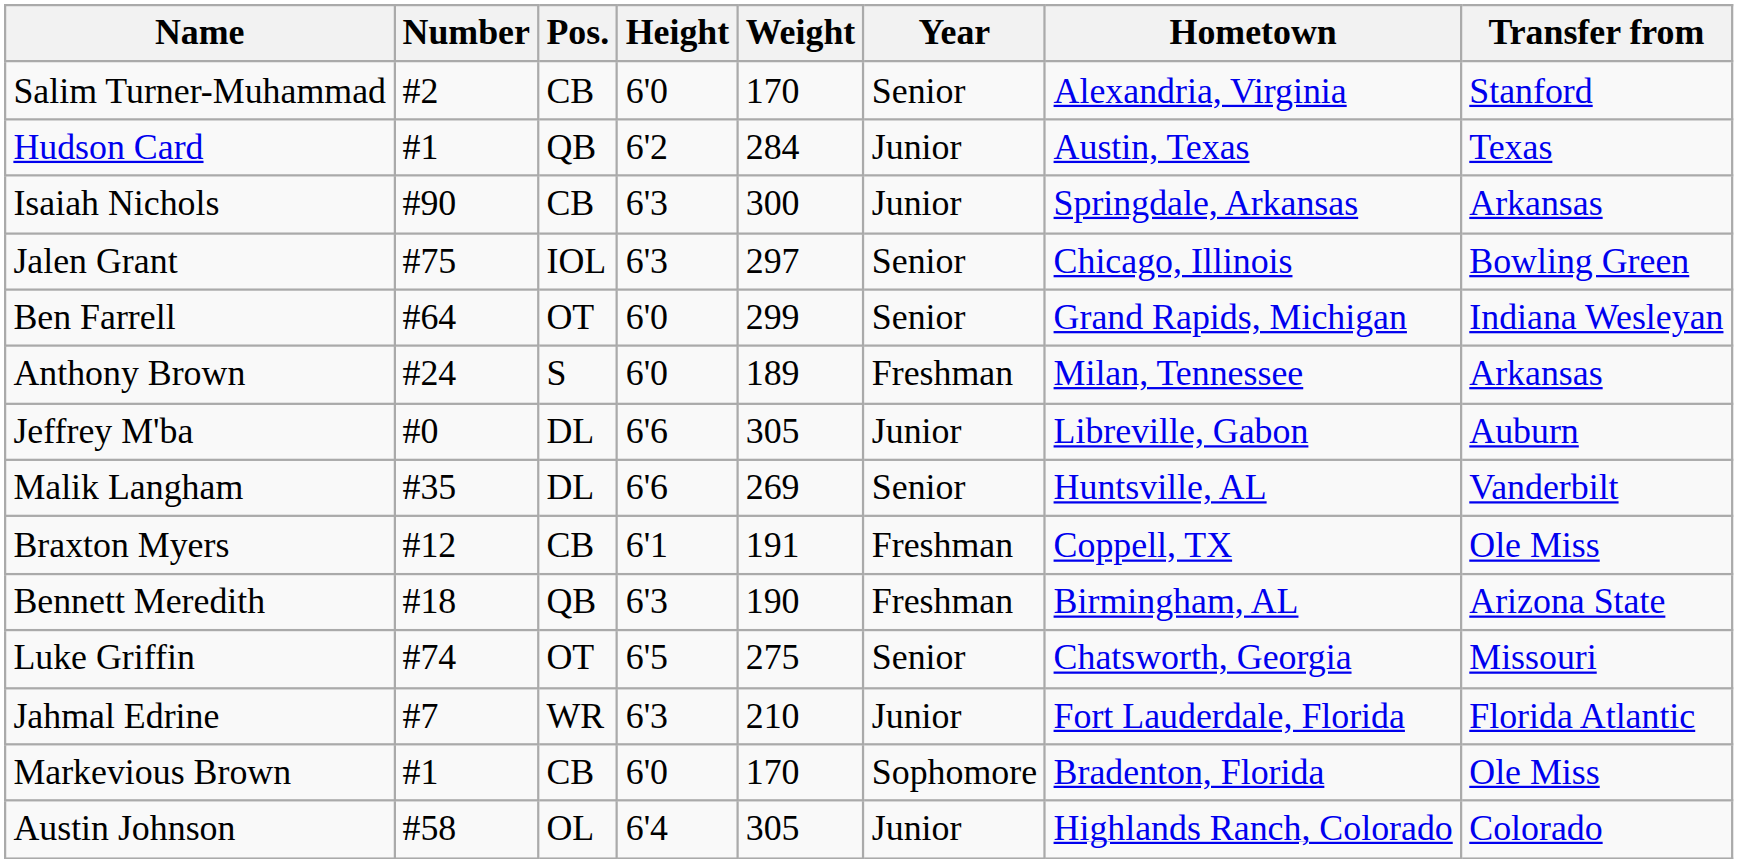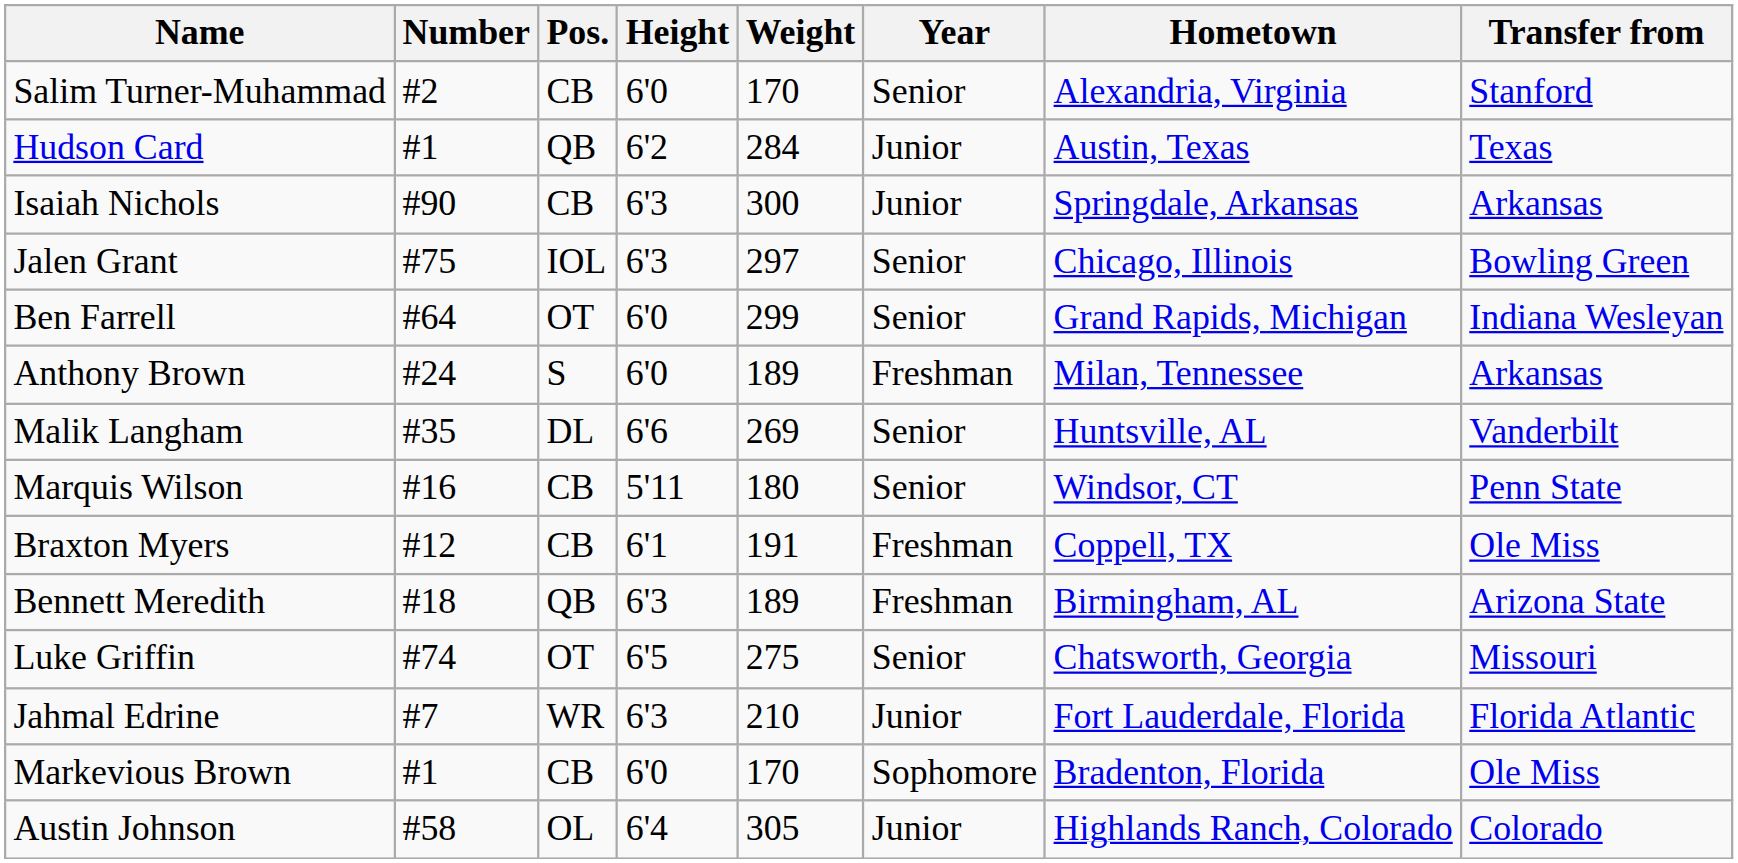 <table class="wikitable sortable">
 <tr>
 <th style="text-align:center; ">Name</th>
 <th style="text-align:center; ">Number</th>
 <th style="text-align:center; ">Pos.</th>
 <th style="text-align:center; ">Height</th>
 <th style="text-align:center; ">Weight</th>
 <th style="text-align:center; ">Year</th>
 <th style="text-align:center; ">Hometown</th>
 <th style="text-align:center; ">Transfer from</th>
 </tr>
 <tr>
 <td>Salim Turner-Muhammad</td>
 <td>#2</td>
 <td>CB</td>
 <td>6'0</td>
 <td>170</td>
 <td>Senior</td>
 <td><a href='#'>Alexandria, Virginia</a></td>
 <td><a href='#'>Stanford</a></td>
 </tr>
 <tr>
 <td><a href='#'>Hudson Card</a></td>
 <td>#1</td>
 <td>QB</td>
 <td>6'2</td>
 <td>284</td>
 <td>Junior</td>
 <td><a href='#'>Austin, Texas</a></td>
 <td><a href='#'>Texas</a></td>
 </tr>
 <tr>
 <td>Isaiah Nichols</td>
 <td>#90</td>
 <td>CB</td>
 <td>6'3</td>
 <td>300</td>
 <td>Junior</td>
 <td><a href='#'>Springdale, Arkansas</a></td>
 <td><a href='#'>Arkansas</a></td>
 </tr>
 <tr>
 <td>Jalen Grant</td>
 <td>#75</td>
 <td>IOL</td>
 <td>6'3</td>
 <td>297</td>
 <td>Senior</td>
 <td><a href='#'>Chicago, Illinois</a></td>
 <td><a href='#'>Bowling Green</a></td>
 </tr>
 <tr>
 <td>Ben Farrell</td>
 <td>#64</td>
 <td>OT</td>
 <td>6'0</td>
 <td>299</td>
 <td>Senior</td>
 <td><a href='#'>Grand Rapids, Michigan</a></td>
 <td><a href='#'>Indiana Wesleyan</a></td>
 </tr>
 <tr>
 <td>Anthony Brown</td>
 <td>#24</td>
 <td>S</td>
 <td>6'0</td>
 <td>189</td>
 <td>Freshman</td>
 <td><a href='#'>Milan, Tennessee</a></td>
 <td><a href='#'>Arkansas</a></td>
 </tr>
 <tr>
-<td>Jeffrey M'ba</td>
-<td>#0</td>
-<td>DL</td>
-<td>6'6</td>
-<td>305</td>
-<td>Junior</td>
-<td><a href='#'>Libreville, Gabon</a></td>
-<td><a href='#'>Auburn</a></td>
-</tr>
-<tr>
 <td>Malik Langham</td>
 <td>#35</td>
 <td>DL</td>
 <td>6'6</td>
 <td>269</td>
 <td>Senior</td>
 <td><a href='#'>Huntsville, AL</a></td>
 <td><a href='#'>Vanderbilt</a></td>
+</tr>
+<tr>
+<td>Marquis Wilson</td>
+<td>#16</td>
+<td>CB</td>
+<td>5'11</td>
+<td>180</td>
+<td>Senior</td>
+<td><a href='#'>Windsor, CT</a></td>
+<td><a href='#'>Penn State</a></td>
 </tr>
 <tr>
 <td>Braxton Myers</td>
 <td>#12</td>
 <td>CB</td>
 <td>6'1</td>
 <td>191</td>
 <td>Freshman</td>
 <td><a href='#'>Coppell, TX</a></td>
 <td><a href='#'>Ole Miss</a></td>
 </tr>
 <tr>
 <td>Bennett Meredith</td>
 <td>#18</td>
 <td>QB</td>
 <td>6'3</td>
-<td>190</td>
+<td>189</td>
 <td>Freshman</td>
 <td><a href='#'>Birmingham, AL</a></td>
 <td><a href='#'>Arizona State</a></td>
 </tr>
 <tr>
 <td>Luke Griffin</td>
 <td>#74</td>
 <td>OT</td>
 <td>6'5</td>
 <td>275</td>
 <td>Senior</td>
 <td><a href='#'>Chatsworth, Georgia</a></td>
 <td><a href='#'>Missouri</a></td>
 </tr>
 <tr>
 <td>Jahmal Edrine</td>
 <td>#7</td>
 <td>WR</td>
 <td>6'3</td>
 <td>210</td>
 <td>Junior</td>
 <td><a href='#'>Fort Lauderdale, Florida</a></td>
 <td><a href='#'>Florida Atlantic</a></td>
 </tr>
 <tr>
 <td>Markevious Brown</td>
 <td>#1</td>
 <td>CB</td>
 <td>6'0</td>
 <td>170</td>
 <td>Sophomore</td>
 <td><a href='#'>Bradenton, Florida</a></td>
 <td><a href='#'>Ole Miss</a></td>
 </tr>
 <tr>
 <td>Austin Johnson</td>
 <td>#58</td>
 <td>OL</td>
 <td>6'4</td>
 <td>305</td>
 <td>Junior</td>
 <td><a href='#'>Highlands Ranch, Colorado</a></td>
 <td><a href='#'>Colorado</a></td>
 </tr>
 </table>
